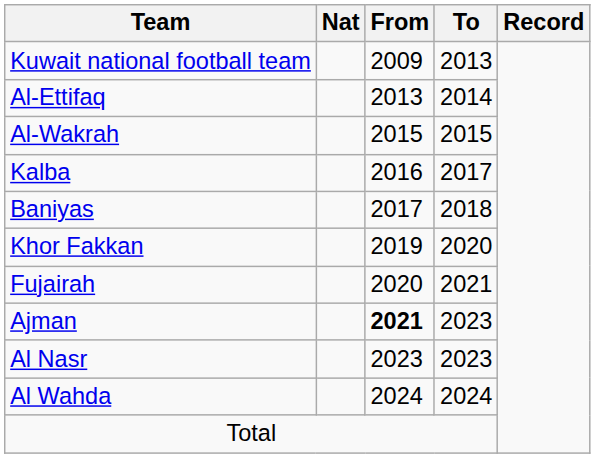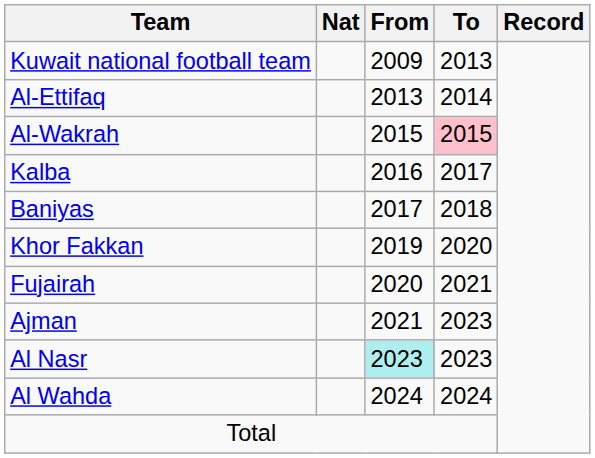 <table class="wikitable" style="text-align: center">
 <tr>
 <th rowspan="1">Team</th>
 <th rowspan="1">Nat</th>
 <th rowspan="1">From</th>
 <th rowspan="1">To</th>
 <th colspan="5">Record</th>
 </tr>
 <tr>
 <td align="left"><a href='#'>Kuwait national football team</a></td>
 <td></td>
 <td align="left">2009</td>
 <td align="left">2013<br></td>
 </tr>
 <tr>
 <td align="left"><a href='#'>Al-Ettifaq</a></td>
 <td></td>
 <td align="left">2013</td>
 <td align="left">2014<br></td>
 </tr>
 <tr>
 <td align="left"><a href='#'>Al-Wakrah</a></td>
 <td></td>
 <td align="left">2015</td>
-<td align="left">2015<br></td>
+<td align="left" style="background: pink;">2015<br></td>
 </tr>
 <tr>
 <td align="left"><a href='#'>Kalba</a></td>
 <td></td>
 <td align="left">2016</td>
 <td align="left">2017<br></td>
 </tr>
 <tr>
 <td align="left"><a href='#'>Baniyas</a></td>
 <td></td>
 <td align="left">2017</td>
 <td align="left">2018<br></td>
 </tr>
 <tr>
 <td align="left"><a href='#'>Khor Fakkan</a></td>
 <td></td>
 <td align="left">2019</td>
 <td align="left">2020<br></td>
 </tr>
 <tr>
 <td align="left"><a href='#'>Fujairah</a></td>
 <td></td>
 <td align="left">2020</td>
 <td align="left">2021<br></td>
 </tr>
 <tr>
 <td align="left"><a href='#'>Ajman</a></td>
 <td></td>
-<td align="left"><strong>2021</strong></td>
+<td align="left">2021</td>
 <td align="left">2023<br></td>
 </tr>
 <tr>
 <td align="left"><a href='#'>Al Nasr</a></td>
 <td></td>
-<td align="left">2023</td>
+<td align="left" style="background: paleturquoise;">2023</td>
 <td align="left">2023<br></td>
 </tr>
 <tr>
 <td align="left"><a href='#'>Al Wahda</a></td>
 <td></td>
 <td align="left">2024</td>
 <td align="left">2024<br></td>
 </tr>
 <tr>
 <td colspan=4 align="center">Total<br></td>
 </tr>
 </table>
